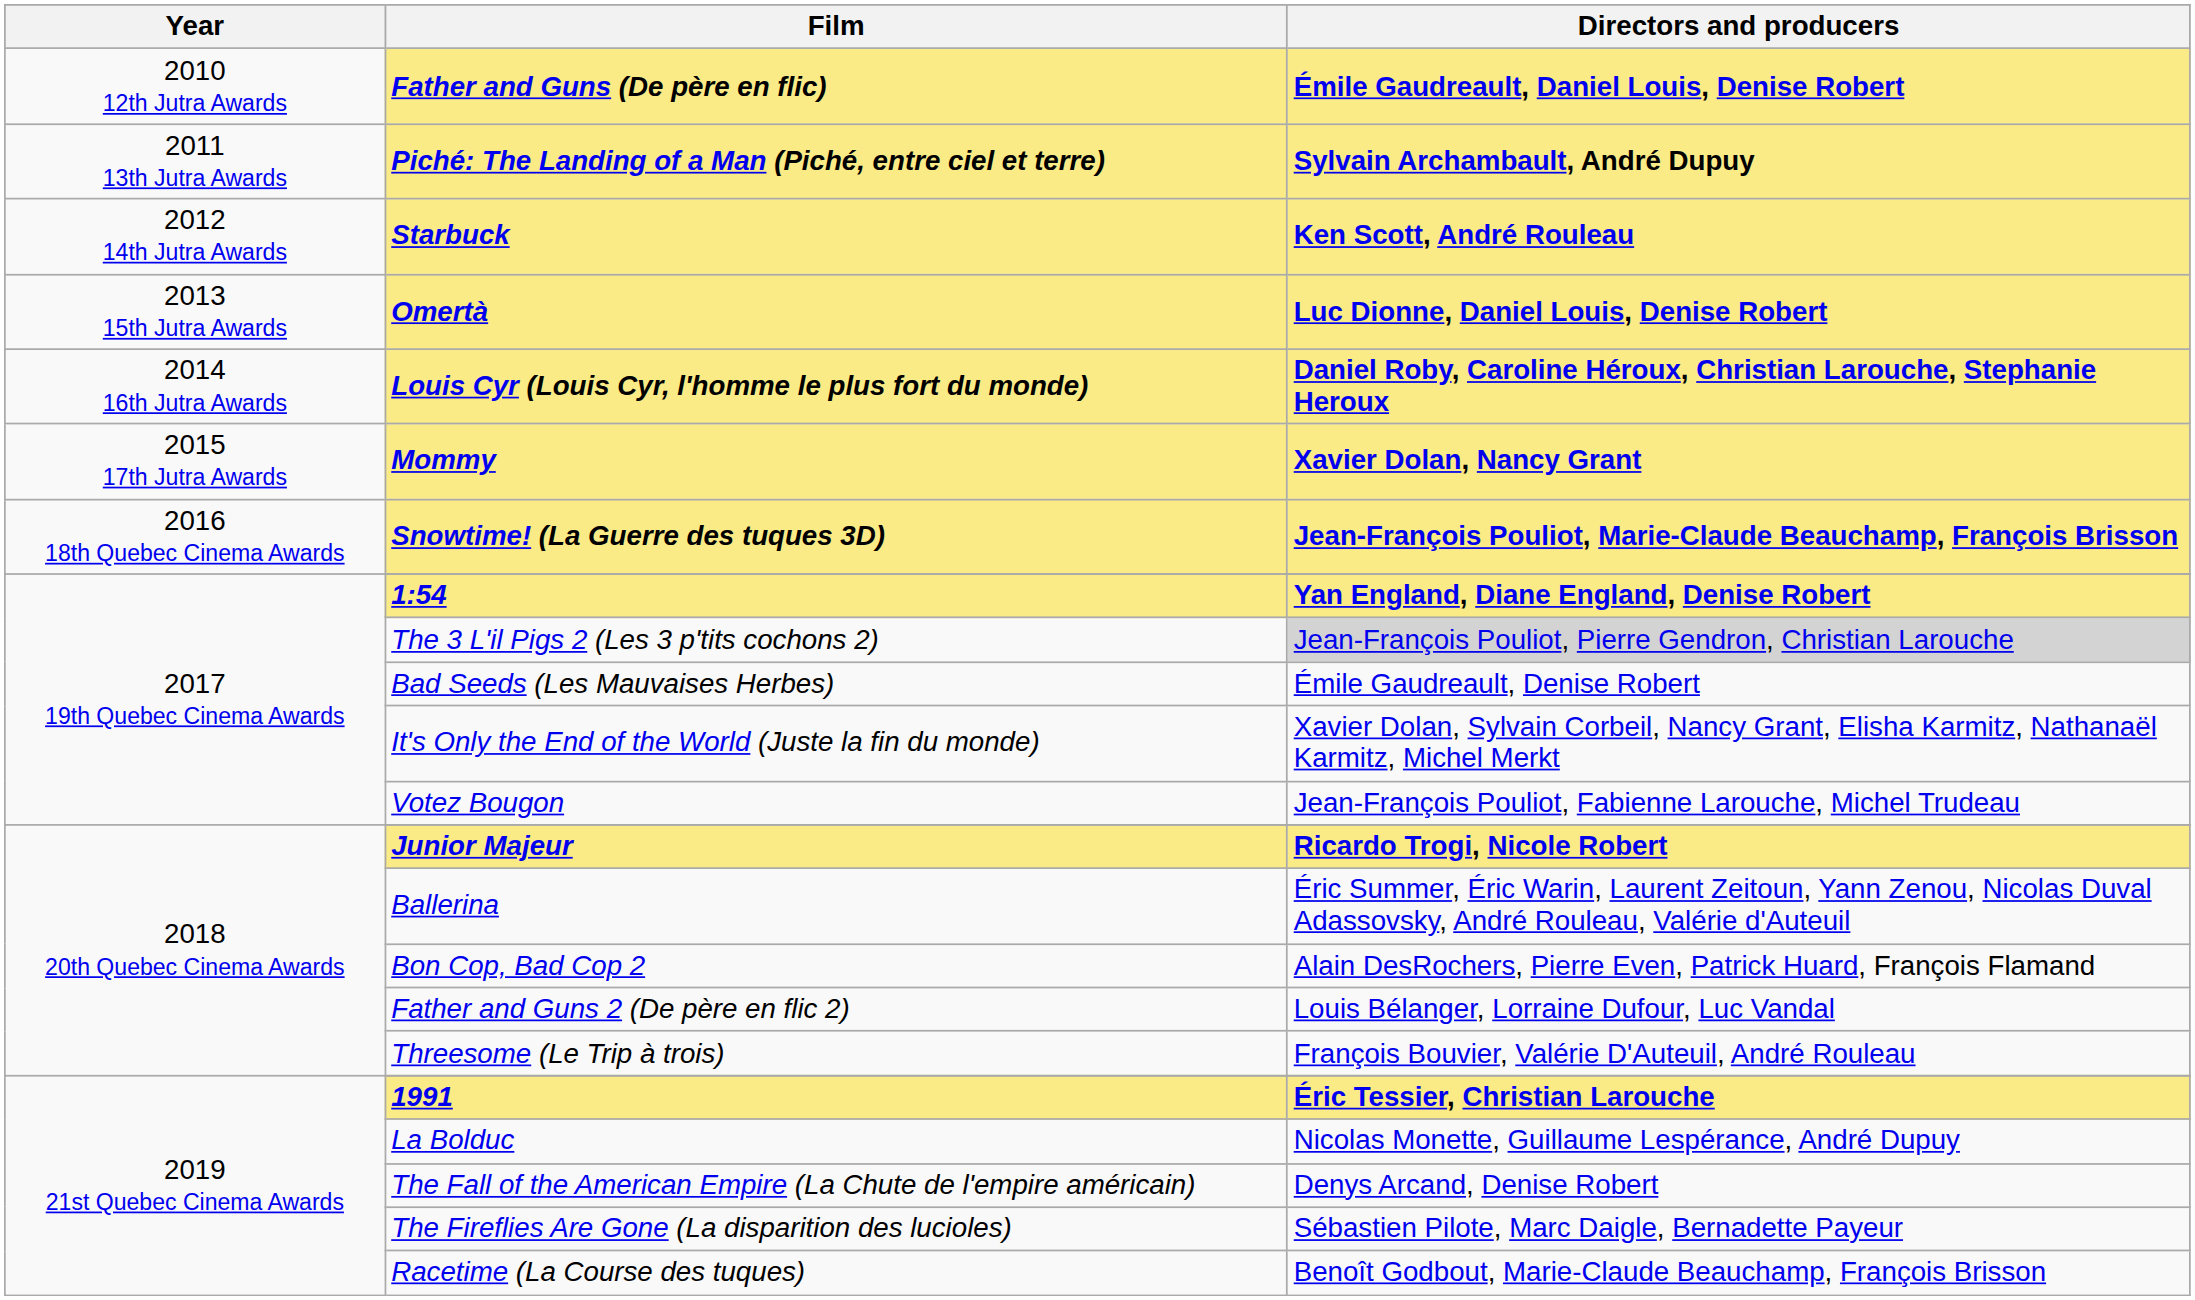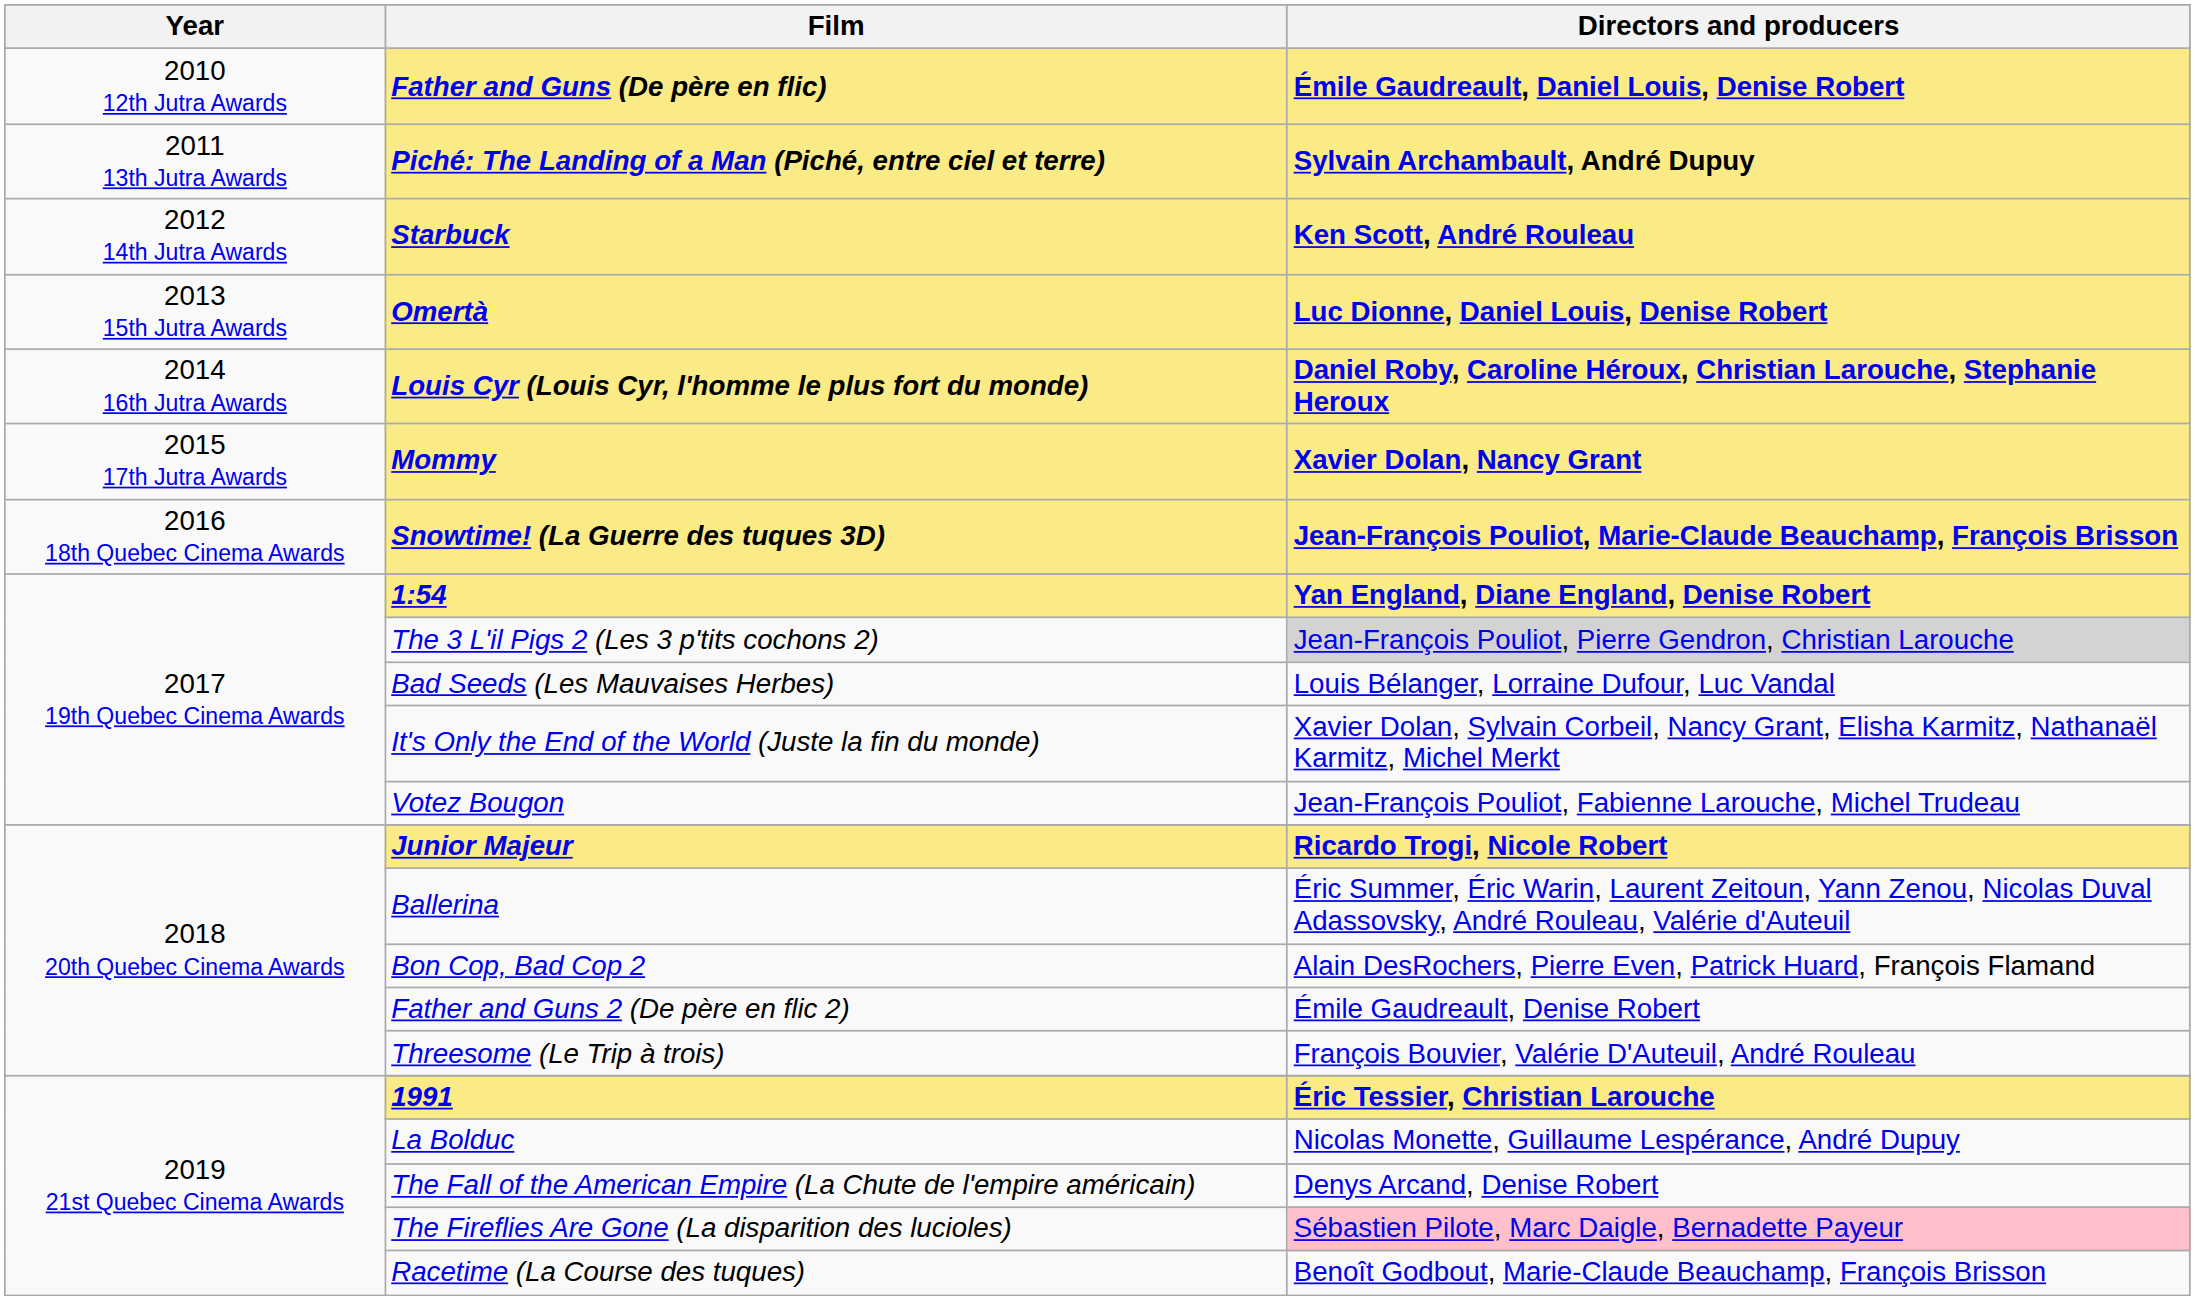 <table class="wikitable" style="width:100%;">
 <tr style="background:#bebebe;">
 <th style="width:8%;">Year</th>
 <th style="width:19%;">Film</th>
 <th style="width:19%;">Directors and producers</th>
 </tr>
 <tr>
 <td align="center">2010 <br> <small><a href='#'>12th Jutra Awards</a></small></td>
 <td style="background:#FAEB86"><strong><em><a href='#'>Father and Guns</a> (De père en flic)</em></strong></td>
 <td style="background:#FAEB86"><strong><a href='#'>Émile Gaudreault</a>, <a href='#'>Daniel Louis</a>, <a href='#'>Denise Robert</a></strong></td>
 </tr>
 <tr>
 <td align="center">2011 <br> <small><a href='#'>13th Jutra Awards</a></small></td>
 <td style="background:#FAEB86"><strong><em><a href='#'>Piché: The Landing of a Man</a> (Piché, entre ciel et terre)</em></strong></td>
 <td style="background:#FAEB86"><strong><a href='#'>Sylvain Archambault</a>, André Dupuy</strong></td>
 </tr>
 <tr>
 <td align="center">2012 <br> <small><a href='#'>14th Jutra Awards</a></small></td>
 <td style="background:#FAEB86"><strong><em><a href='#'>Starbuck</a></em></strong></td>
 <td style="background:#FAEB86"><strong><a href='#'>Ken Scott</a>, <a href='#'>André Rouleau</a></strong></td>
 </tr>
 <tr>
 <td align="center">2013 <br> <small><a href='#'>15th Jutra Awards</a></small></td>
 <td style="background:#FAEB86"><strong><em><a href='#'>Omertà</a></em></strong></td>
 <td style="background:#FAEB86"><strong><a href='#'>Luc Dionne</a>, <a href='#'>Daniel Louis</a>, <a href='#'>Denise Robert</a></strong></td>
 </tr>
 <tr>
 <td align="center">2014 <br> <small><a href='#'>16th Jutra Awards</a></small></td>
 <td style="background:#FAEB86"><strong><em><a href='#'>Louis Cyr</a> (Louis Cyr, l'homme le plus fort du monde)</em></strong></td>
 <td style="background:#FAEB86"><strong><a href='#'>Daniel Roby</a>, <a href='#'>Caroline Héroux</a>, <a href='#'>Christian Larouche</a>, <a href='#'>Stephanie Heroux</a></strong></td>
 </tr>
 <tr>
 <td align="center">2015 <br> <small><a href='#'>17th Jutra Awards</a></small></td>
 <td style="background:#FAEB86"><strong><em><a href='#'>Mommy</a></em></strong></td>
 <td style="background:#FAEB86"><strong><a href='#'>Xavier Dolan</a>, <a href='#'>Nancy Grant</a></strong></td>
 </tr>
 <tr>
 <td align="center">2016 <br> <small><a href='#'>18th Quebec Cinema Awards</a></small></td>
 <td style="background:#FAEB86"><strong><em><a href='#'>Snowtime!</a> (La Guerre des tuques 3D)</em></strong></td>
 <td style="background:#FAEB86"><strong><a href='#'>Jean-François Pouliot</a>, <a href='#'>Marie-Claude Beauchamp</a>, <a href='#'>François Brisson</a></strong></td>
 </tr>
 <tr>
 <td rowspan="6" align="center">2017 <br> <small><a href='#'>19th Quebec Cinema Awards</a></small></td>
 </tr>
 <tr style="background:#FAEB86">
 <td><strong><em><a href='#'>1:54</a></em></strong></td>
 <td><strong><a href='#'>Yan England</a>, <a href='#'>Diane England</a>, <a href='#'>Denise Robert</a></strong></td>
 </tr>
 <tr>
 <td><em><a href='#'>The 3 L'il Pigs 2</a> (Les 3 p'tits cochons 2)</em></td>
 <td style="background: lightgrey;"><a href='#'>Jean-François Pouliot</a>, <a href='#'>Pierre Gendron</a>, <a href='#'>Christian Larouche</a></td>
 </tr>
 <tr>
 <td><em><a href='#'>Bad Seeds</a> (Les Mauvaises Herbes)</em></td>
-<td><a href='#'>Émile Gaudreault</a>, <a href='#'>Denise Robert</a></td>
+<td><a href='#'>Louis Bélanger</a>, <a href='#'>Lorraine Dufour</a>, <a href='#'>Luc Vandal</a></td>
 </tr>
 <tr>
 <td><em><a href='#'>It's Only the End of the World</a> (Juste la fin du monde)</em></td>
 <td><a href='#'>Xavier Dolan</a>, <a href='#'>Sylvain Corbeil</a>, <a href='#'>Nancy Grant</a>, <a href='#'>Elisha Karmitz</a>, <a href='#'>Nathanaël Karmitz</a>, <a href='#'>Michel Merkt</a></td>
 </tr>
 <tr>
 <td><em><a href='#'>Votez Bougon</a></em></td>
 <td><a href='#'>Jean-François Pouliot</a>, <a href='#'>Fabienne Larouche</a>, <a href='#'>Michel Trudeau</a></td>
 </tr>
 <tr>
 <td rowspan="6" align="center">2018 <br> <small><a href='#'>20th Quebec Cinema Awards</a></small></td>
 </tr>
 <tr style="background:#FAEB86">
 <td><strong><em><a href='#'>Junior Majeur</a></em></strong></td>
 <td><strong><a href='#'>Ricardo Trogi</a>, <a href='#'>Nicole Robert</a></strong></td>
 </tr>
 <tr>
 <td><em><a href='#'>Ballerina</a></em></td>
 <td><a href='#'>Éric Summer</a>, <a href='#'>Éric Warin</a>, <a href='#'>Laurent Zeitoun</a>, <a href='#'>Yann Zenou</a>, <a href='#'>Nicolas Duval Adassovsky</a>, <a href='#'>André Rouleau</a>, <a href='#'>Valérie d'Auteuil</a></td>
 </tr>
 <tr>
 <td><em><a href='#'>Bon Cop, Bad Cop 2</a></em></td>
 <td><a href='#'>Alain DesRochers</a>, <a href='#'>Pierre Even</a>, <a href='#'>Patrick Huard</a>, François Flamand</td>
 </tr>
 <tr>
 <td><em><a href='#'>Father and Guns 2</a> (De père en flic 2)</em></td>
-<td><a href='#'>Louis Bélanger</a>, <a href='#'>Lorraine Dufour</a>, <a href='#'>Luc Vandal</a></td>
+<td><a href='#'>Émile Gaudreault</a>, <a href='#'>Denise Robert</a></td>
 </tr>
 <tr>
 <td><em><a href='#'>Threesome</a> (Le Trip à trois)</em></td>
 <td><a href='#'>François Bouvier</a>, <a href='#'>Valérie D'Auteuil</a>, <a href='#'>André Rouleau</a></td>
 </tr>
 <tr>
 <td rowspan="6" align="center">2019 <br> <small><a href='#'>21st Quebec Cinema Awards</a></small></td>
 </tr>
 <tr style="background:#FAEB86">
 <td><strong><em><a href='#'>1991</a></em></strong></td>
 <td><strong><a href='#'>Éric Tessier</a>, <a href='#'>Christian Larouche</a></strong></td>
 </tr>
 <tr>
 <td><em><a href='#'>La Bolduc</a></em></td>
 <td><a href='#'>Nicolas Monette</a>, <a href='#'>Guillaume Lespérance</a>, <a href='#'>André Dupuy</a></td>
 </tr>
 <tr>
 <td><em><a href='#'>The Fall of the American Empire</a> (La Chute de l'empire américain)</em></td>
 <td><a href='#'>Denys Arcand</a>, <a href='#'>Denise Robert</a></td>
 </tr>
 <tr>
 <td><em><a href='#'>The Fireflies Are Gone</a> (La disparition des lucioles)</em></td>
-<td><a href='#'>Sébastien Pilote</a>, <a href='#'>Marc Daigle</a>, <a href='#'>Bernadette Payeur</a></td>
+<td style="background: pink;"><a href='#'>Sébastien Pilote</a>, <a href='#'>Marc Daigle</a>, <a href='#'>Bernadette Payeur</a></td>
 </tr>
 <tr>
 <td><em><a href='#'>Racetime</a> (La Course des tuques)</em></td>
 <td><a href='#'>Benoît Godbout</a>, <a href='#'>Marie-Claude Beauchamp</a>, <a href='#'>François Brisson</a></td>
 </tr>
 </table>
